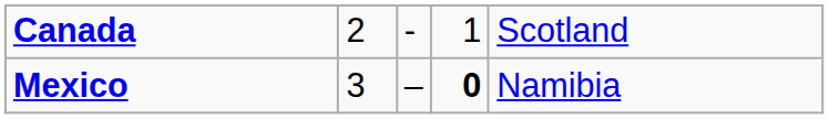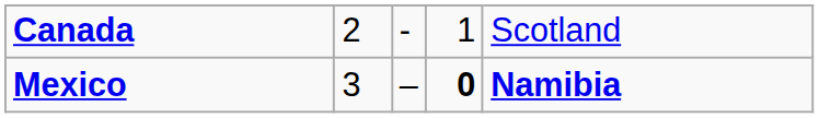 <table class="wikitable">
 <tr>
 <td width=150> <strong><a href='#'>Canada</a></strong></td>
 <td style="width:20px; text-align:left;">2</td>
 <td>-</td>
 <td style="width:20px; text-align:right;">1</td>
 <td width=150> <a href='#'>Scotland</a></td>
 </tr>
 <tr>
 <td> <strong><a href='#'>Mexico</a></strong></td>
 <td style="text-align:left;">3</td>
 <td>–</td>
 <td style="text-align:right;"><strong>0</strong></td>
-<td> <a href='#'>Namibia</a></td>
+<td><strong> <a href='#'>Namibia</a></strong></td>
 </tr>
 </table>
